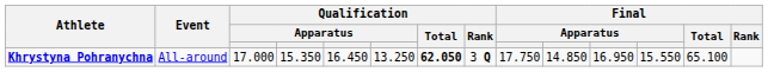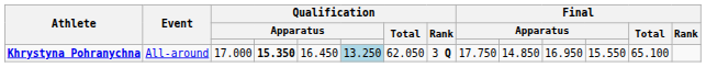 <table class="wikitable" style="font-size:90%">
 <tr>
 <th rowspan="3">Athlete</th>
 <th rowspan="3">Event</th>
 <th colspan=6>Qualification</th>
 <th colspan=6>Final</th>
 </tr>
 <tr style="font-size:95%">
 <th colspan=4>Apparatus</th>
 <th rowspan=2>Total</th>
 <th rowspan=2>Rank</th>
 <th colspan=4>Apparatus</th>
 <th rowspan=2>Total</th>
 <th rowspan=2>Rank</th>
 </tr>
 <tr style="font-size:95%">
 <th></th>
 <th></th>
 <th></th>
 <th></th>
 <th></th>
 <th></th>
 <th></th>
 <th></th>
 </tr>
 <tr align=center>
 <td align=left><strong><a href='#'>Khrystyna Pohranychna</a></strong></td>
 <td align=left><a href='#'>All-around</a></td>
 <td>17.000</td>
-<td>15.350</td>
+<td><strong>15.350</strong></td>
 <td>16.450</td>
-<td>13.250</td>
-<td><strong>62.050</strong></td>
+<td style="background: lightblue;">13.250</td>
+<td>62.050</td>
 <td>3 <strong>Q</strong></td>
 <td>17.750</td>
 <td>14.850</td>
 <td>16.950</td>
 <td>15.550</td>
 <td>65.100</td>
 <td></td>
 </tr>
 </table>
